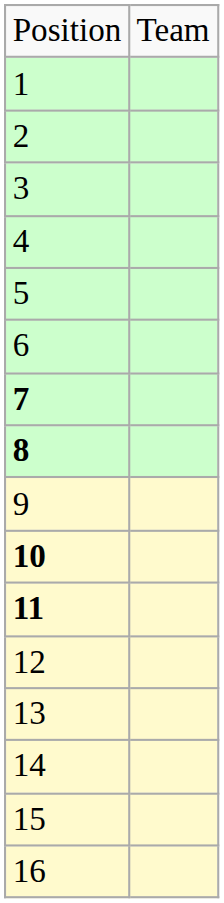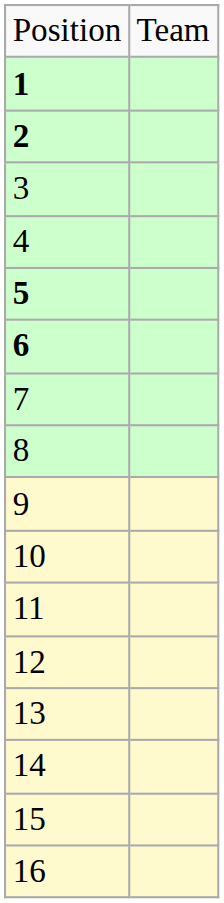 <table class="wikitable">
 <tr>
 <td>Position</td>
 <td>Team</td>
 </tr>
 <tr bgcolor="#ccffcc">
-<td>1</td>
+<td><strong>1</strong></td>
 <td></td>
 </tr>
 <tr bgcolor="#ccffcc">
-<td>2</td>
+<td><strong>2</strong></td>
 <td></td>
 </tr>
 <tr bgcolor="#ccffcc">
 <td>3</td>
 <td></td>
 </tr>
 <tr bgcolor="#ccffcc">
 <td>4</td>
 <td></td>
 </tr>
 <tr bgcolor="#ccffcc">
-<td>5</td>
+<td><strong>5</strong></td>
 <td></td>
 </tr>
 <tr bgcolor="#ccffcc">
-<td>6</td>
+<td><strong>6</strong></td>
 <td></td>
 </tr>
 <tr bgcolor="#ccffcc">
-<td><strong>7</strong></td>
+<td>7</td>
 <td></td>
 </tr>
 <tr bgcolor="#ccffcc">
-<td><strong>8</strong></td>
+<td>8</td>
 <td></td>
 </tr>
 <tr bgcolor="#fffacd">
 <td>9</td>
 <td></td>
 </tr>
 <tr bgcolor="#fffacd">
-<td><strong>10</strong></td>
+<td>10</td>
 <td></td>
 </tr>
 <tr bgcolor="#fffacd">
-<td><strong>11</strong></td>
+<td>11</td>
 <td></td>
 </tr>
 <tr bgcolor="#fffacd">
 <td>12</td>
 <td></td>
 </tr>
 <tr bgcolor="#fffacd">
 <td>13</td>
 <td></td>
 </tr>
 <tr bgcolor="#fffacd">
 <td>14</td>
 <td></td>
 </tr>
 <tr bgcolor="#fffacd">
 <td>15</td>
 <td></td>
 </tr>
 <tr bgcolor="#fffacd">
 <td>16</td>
 <td></td>
 </tr>
 </table>
